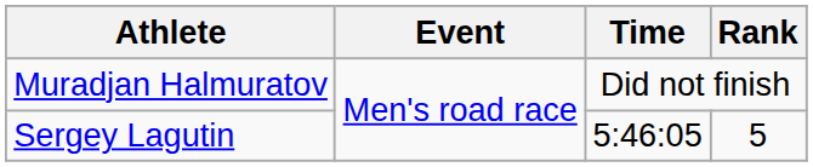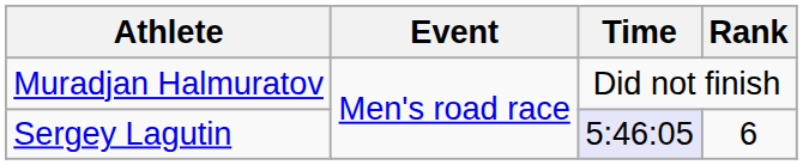 <table class="wikitable" style="font-size:90%">
 <tr>
 <th>Athlete</th>
 <th>Event</th>
 <th>Time</th>
 <th>Rank</th>
 </tr>
 <tr align=center>
 <td align=left><a href='#'>Muradjan Halmuratov</a></td>
 <td rowspan=2 align=left><a href='#'>Men's road race</a></td>
 <td colspan=2>Did not finish</td>
 </tr>
 <tr align=center>
 <td align=left><a href='#'>Sergey Lagutin</a></td>
-<td>5:46:05</td>
-<td>5</td>
+<td style="background: lavender;">5:46:05</td>
+<td>6</td>
 </tr>
 </table>
